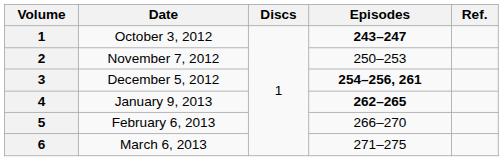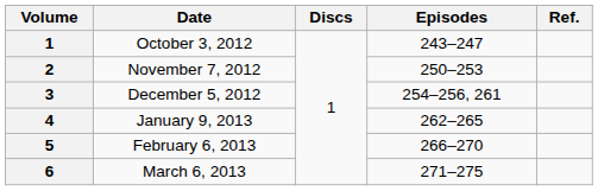 <table class="wikitable" style="text-align:center;">
 <tr>
 <th scope="col" style="width:5em;">Volume</th>
 <th scope="col" style="width:12em;">Date</th>
 <th scope="col" style="width:4em;">Discs</th>
 <th scope="col" style="width:10em;">Episodes</th>
 <th scope="col" style="width:3em;">Ref.</th>
 </tr>
 <tr>
 <th scope="row">1</th>
 <td>October 3, 2012</td>
 <td rowspan="6">1</td>
-<td><strong>243–247</strong></td>
+<td>243–247</td>
 <td></td>
 </tr>
 <tr>
 <th scope="row">2</th>
 <td>November 7, 2012</td>
 <td>250–253</td>
 <td></td>
 </tr>
 <tr>
 <th scope="row">3</th>
 <td>December 5, 2012</td>
-<td><strong>254–256, 261</strong></td>
+<td>254–256, 261</td>
 <td></td>
 </tr>
 <tr>
 <th scope="row">4</th>
 <td>January 9, 2013</td>
-<td><strong>262–265</strong></td>
+<td>262–265</td>
 <td></td>
 </tr>
 <tr>
 <th scope="row">5</th>
 <td>February 6, 2013</td>
 <td>266–270</td>
 <td></td>
 </tr>
 <tr>
 <th scope="row">6</th>
 <td>March 6, 2013</td>
 <td>271–275</td>
 <td></td>
 </tr>
 </table>
